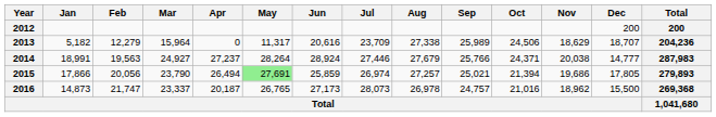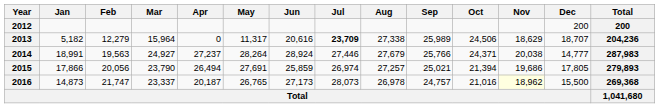 <table class=wikitable style="text-align:right; font-size:0.9em; width:1050px;">
 <tr>
 <th>Year</th>
 <th>Jan</th>
 <th>Feb</th>
 <th>Mar</th>
 <th>Apr</th>
 <th>May</th>
 <th>Jun</th>
 <th>Jul</th>
 <th>Aug</th>
 <th>Sep</th>
 <th>Oct</th>
 <th>Nov</th>
 <th>Dec</th>
 <th>Total</th>
 </tr>
 <tr>
 <th>2012</th>
 <td></td>
 <td></td>
 <td></td>
 <td></td>
 <td></td>
 <td></td>
 <td></td>
 <td></td>
 <td></td>
 <td></td>
 <td></td>
 <td>200</td>
 <th>200</th>
 </tr>
 <tr>
 <th>2013</th>
 <td>5,182</td>
 <td>12,279</td>
 <td>15,964</td>
 <td>0</td>
 <td>11,317</td>
 <td>20,616</td>
-<td>23,709</td>
+<td><strong>23,709</strong></td>
 <td>27,338</td>
 <td>25,989</td>
 <td>24,506</td>
 <td>18,629</td>
 <td>18,707</td>
 <th>204,236</th>
 </tr>
 <tr>
 <th>2014</th>
 <td>18,991</td>
 <td>19,563</td>
 <td>24,927</td>
 <td>27,237</td>
 <td>28,264</td>
 <td>28,924</td>
 <td>27,446</td>
 <td>27,679</td>
 <td>25,766</td>
 <td>24,371</td>
 <td>20,038</td>
 <td>14,777</td>
 <th>287,983</th>
 </tr>
 <tr>
 <th>2015</th>
 <td>17,866</td>
 <td>20,056</td>
 <td>23,790</td>
 <td>26,494</td>
-<td style="background: lightgreen;">27,691</td>
+<td>27,691</td>
 <td>25,859</td>
 <td>26,974</td>
 <td>27,257</td>
 <td>25,021</td>
 <td>21,394</td>
 <td>19,686</td>
 <td>17,805</td>
 <th>279,893</th>
 </tr>
 <tr>
 <th>2016</th>
 <td>14,873</td>
 <td>21,747</td>
 <td>23,337</td>
 <td>20,187</td>
 <td>26,765</td>
 <td>27,173</td>
 <td>28,073</td>
 <td>26,978</td>
 <td>24,757</td>
 <td>21,016</td>
-<td>18,962</td>
+<td style="background: lightyellow;">18,962</td>
 <td>15,500</td>
 <th>269,368</th>
 </tr>
 <tr>
 <th colspan=13>Total</th>
 <th>1,041,680</th>
 </tr>
 </table>
